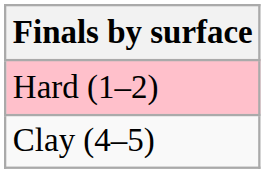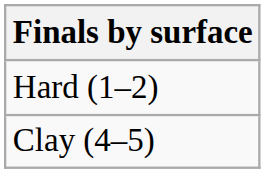 <table class=wikitable style="font-size:90%">
 <tr>
 <th>Finals by surface</th>
 </tr>
 <tr>
-<td style="background: pink;">Hard (1–2)</td>
+<td>Hard (1–2)</td>
 </tr>
 <tr>
 <td>Clay (4–5)</td>
 </tr>
 </table>
